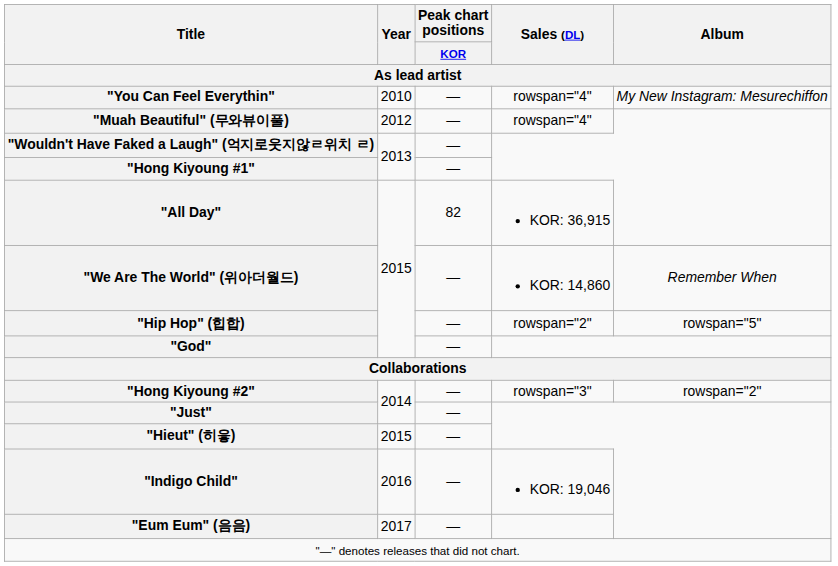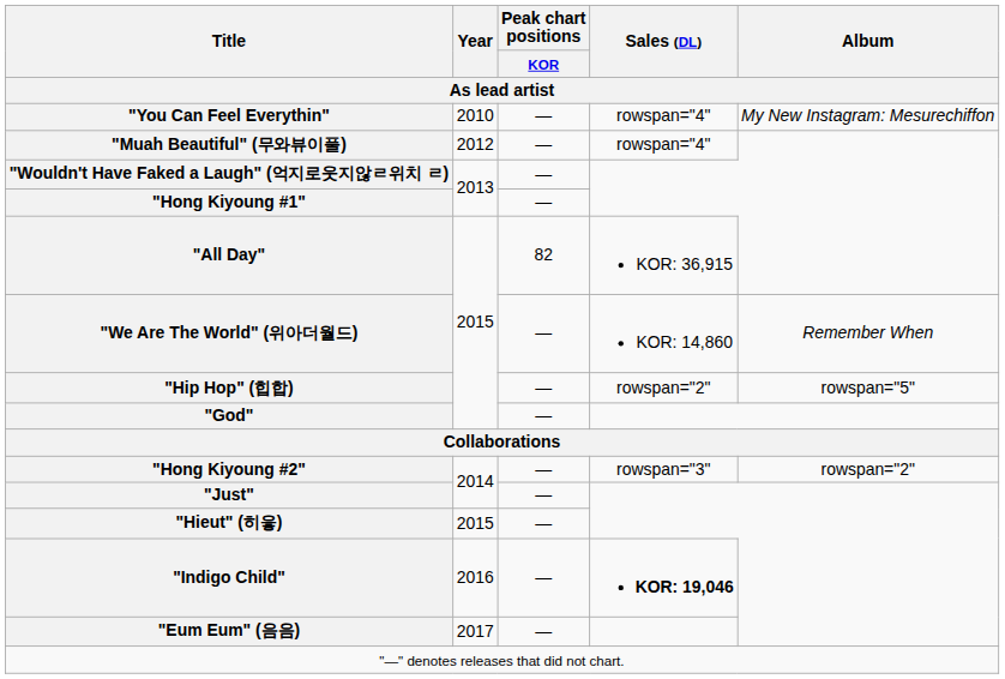 <table class="wikitable plainrowheaders" style="text-align:center;">
 <tr>
 <th scope="col" rowspan="2">Title</th>
 <th scope="col" rowspan="2">Year</th>
 <th scope="col" colspan="1">Peak chart <br> positions</th>
 <th scope="col" rowspan="2">Sales <small>(<a href='#'>DL</a>)</small></th>
 <th scope="col" rowspan="2">Album</th>
 </tr>
 <tr>
 <th><small><a href='#'>KOR</a></small><br></th>
 </tr>
 <tr>
 <th scope="col" colspan="5">As lead artist</th>
 </tr>
 <tr>
 <th scope="row">"You Can Feel Everythin"</th>
 <td>2010</td>
 <td>—</td>
 <td>rowspan="4" </td>
 <td><em>My New Instagram: Mesurechiffon</em></td>
 </tr>
 <tr>
 <th scope="row">"Muah Beautiful" (무와뷰이풀)</th>
 <td>2012</td>
 <td>—</td>
 <td>rowspan="4" </td>
 </tr>
 <tr>
 <th scope="row">"Wouldn't Have Faked a Laugh" (억지로웃지않ㄹ위치 ㄹ)</th>
 <td rowspan="2">2013</td>
 <td>—</td>
 </tr>
 <tr>
 <th scope="row">"Hong Kiyoung #1"</th>
 <td>—</td>
 </tr>
 <tr>
 <th scope="row">"All Day"<br></th>
 <td rowspan="4">2015</td>
 <td>82</td>
 <td><br><ul><li>KOR: 36,915</li></ul></td>
 </tr>
 <tr>
 <th scope="row">"We Are The World" (위아더월드)<br></th>
 <td>—</td>
 <td><br><ul><li>KOR: 14,860</li></ul></td>
 <td><em>Remember When</em></td>
 </tr>
 <tr>
 <th scope="row">"Hip Hop" (힙합)</th>
 <td>—</td>
 <td>rowspan="2" </td>
 <td>rowspan="5" </td>
 </tr>
 <tr>
 <th scope="row">"God"<br></th>
 <td>—</td>
 </tr>
 <tr>
 <th scope="col" colspan="5">Collaborations</th>
 </tr>
 <tr>
 <th scope="row">"Hong Kiyoung #2"<br></th>
 <td rowspan="2">2014</td>
 <td>—</td>
 <td>rowspan="3" </td>
 <td>rowspan="2" </td>
 </tr>
 <tr>
 <th scope="row">"Just"<br></th>
 <td>—</td>
 </tr>
 <tr>
 <th scope="row">"Hieut" (히읗)<br></th>
 <td>2015</td>
 <td>—</td>
 </tr>
 <tr>
 <th scope="row">"Indigo Child"<br></th>
 <td>2016</td>
 <td>—</td>
-<td><br><ul><li>KOR: 19,046</li></ul></td>
+<td><strong><br><ul><li>KOR: 19,046</li></ul></strong></td>
 </tr>
 <tr>
 <th scope="row">"Eum Eum" (음음)<br></th>
 <td>2017</td>
 <td>—</td>
 <td></td>
 </tr>
 <tr>
 <td colspan="5" align="center"><small>"—" denotes releases that did not chart.</small></td>
 </tr>
 </table>
